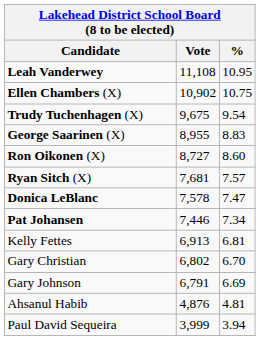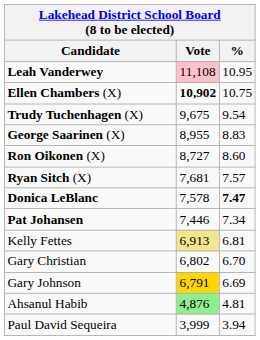 <table class="wikitable">
 <tr>
 <th colspan="3"><strong><a href='#'>Lakehead District School Board</a><br>(8 to be elected)</strong></th>
 </tr>
 <tr>
 <th bgcolor="#DDDDFF" width="200px">Candidate</th>
 <th bgcolor="#DDDDFF" width="40px">Vote</th>
 <th bgcolor="#DDDDFF" width="30px">%</th>
 </tr>
 <tr>
 <td><strong>Leah Vanderwey</strong></td>
-<td>11,108</td>
+<td style="background: pink;">11,108</td>
 <td>10.95</td>
 </tr>
 <tr>
 <td><strong>Ellen Chambers</strong> (X)</td>
-<td>10,902</td>
+<td><strong>10,902</strong></td>
 <td>10.75</td>
 </tr>
 <tr>
 <td><strong>Trudy Tuchenhagen</strong> (X)</td>
 <td>9,675</td>
 <td>9.54</td>
 </tr>
 <tr>
 <td><strong>George Saarinen</strong> (X)</td>
 <td>8,955</td>
 <td>8.83</td>
 </tr>
 <tr>
 <td><strong>Ron Oikonen</strong> (X)</td>
 <td>8,727</td>
 <td>8.60</td>
 </tr>
 <tr>
 <td><strong>Ryan Sitch</strong> (X)</td>
 <td>7,681</td>
 <td>7.57</td>
 </tr>
 <tr>
 <td><strong>Donica LeBlanc</strong></td>
 <td>7,578</td>
-<td>7.47</td>
+<td><strong>7.47</strong></td>
 </tr>
 <tr>
 <td><strong>Pat Johansen</strong></td>
 <td>7,446</td>
 <td>7.34</td>
 </tr>
 <tr>
 <td>Kelly Fettes</td>
-<td>6,913</td>
+<td style="background: khaki;">6,913</td>
 <td>6.81</td>
 </tr>
 <tr>
 <td>Gary Christian</td>
 <td>6,802</td>
 <td>6.70</td>
 </tr>
 <tr>
 <td>Gary Johnson</td>
-<td>6,791</td>
+<td style="background: gold;">6,791</td>
 <td>6.69</td>
 </tr>
 <tr>
 <td>Ahsanul Habib</td>
-<td>4,876</td>
+<td style="background: lightgreen;">4,876</td>
 <td>4.81</td>
 </tr>
 <tr>
 <td>Paul David Sequeira</td>
 <td>3,999</td>
 <td>3.94</td>
 </tr>
 </table>
